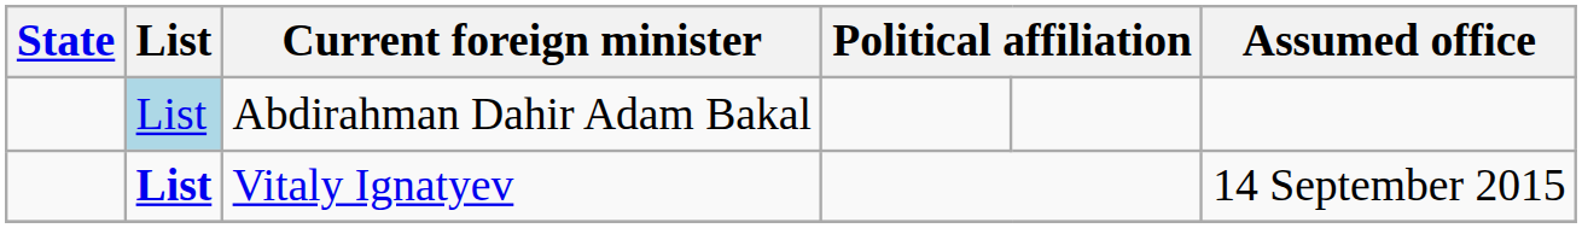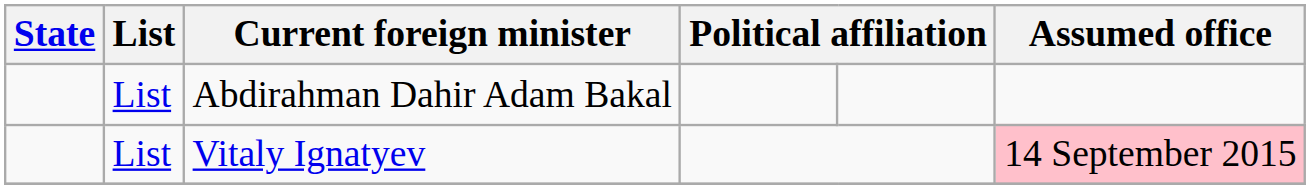 <table class="wikitable sortable">
 <tr>
 <th><a href='#'>State</a></th>
 <th>List</th>
 <th>Current foreign minister</th>
 <th colspan="2">Political affiliation</th>
 <th>Assumed office</th>
 </tr>
 <tr>
 <td></td>
-<td style="background: lightblue;"><a href='#'>List</a></td>
+<td><a href='#'>List</a></td>
 <td>Abdirahman Dahir Adam Bakal</td>
 <td></td>
 <td></td>
 </tr>
 <tr>
 <td></td>
-<td><strong><a href='#'>List</a></strong></td>
+<td><a href='#'>List</a></td>
 <td><a href='#'>Vitaly Ignatyev</a></td>
 <td colspan="2"></td>
-<td>14 September 2015</td>
+<td style="background: pink;">14 September 2015</td>
 </tr>
 <tr>
 </tr>
 </table>
